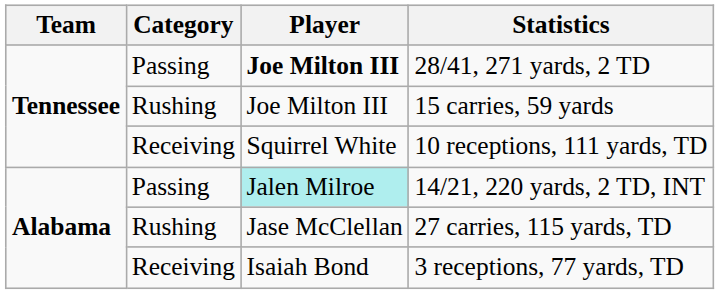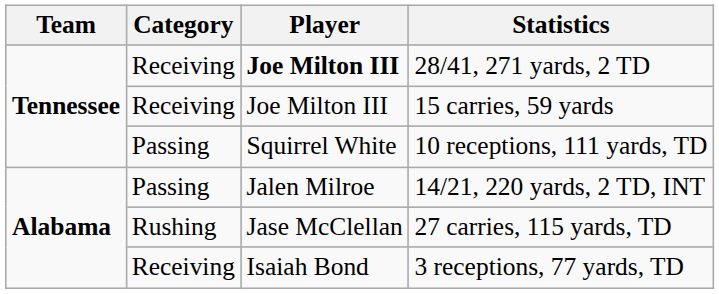 <table class="wikitable" style="float: right;">
 <tr>
 <th>Team</th>
 <th>Category</th>
 <th>Player</th>
 <th>Statistics</th>
 </tr>
 <tr>
 <td rowspan=3><strong>Tennessee</strong></td>
-<td>Passing</td>
+<td>Receiving</td>
 <td><strong>Joe Milton III</strong></td>
 <td>28/41, 271 yards, 2 TD</td>
 </tr>
 <tr>
-<td>Rushing</td>
+<td>Receiving</td>
 <td>Joe Milton III</td>
 <td>15 carries, 59 yards</td>
 </tr>
 <tr>
-<td>Receiving</td>
+<td>Passing</td>
 <td>Squirrel White</td>
 <td>10 receptions, 111 yards, TD</td>
 </tr>
 <tr>
 <td rowspan=3><strong>Alabama</strong></td>
 <td>Passing</td>
-<td style="background: paleturquoise;">Jalen Milroe</td>
+<td>Jalen Milroe</td>
 <td>14/21, 220 yards, 2 TD, INT</td>
 </tr>
 <tr>
 <td>Rushing</td>
 <td>Jase McClellan</td>
 <td>27 carries, 115 yards, TD</td>
 </tr>
 <tr>
 <td>Receiving</td>
 <td>Isaiah Bond</td>
 <td>3 receptions, 77 yards, TD</td>
 </tr>
 </table>
